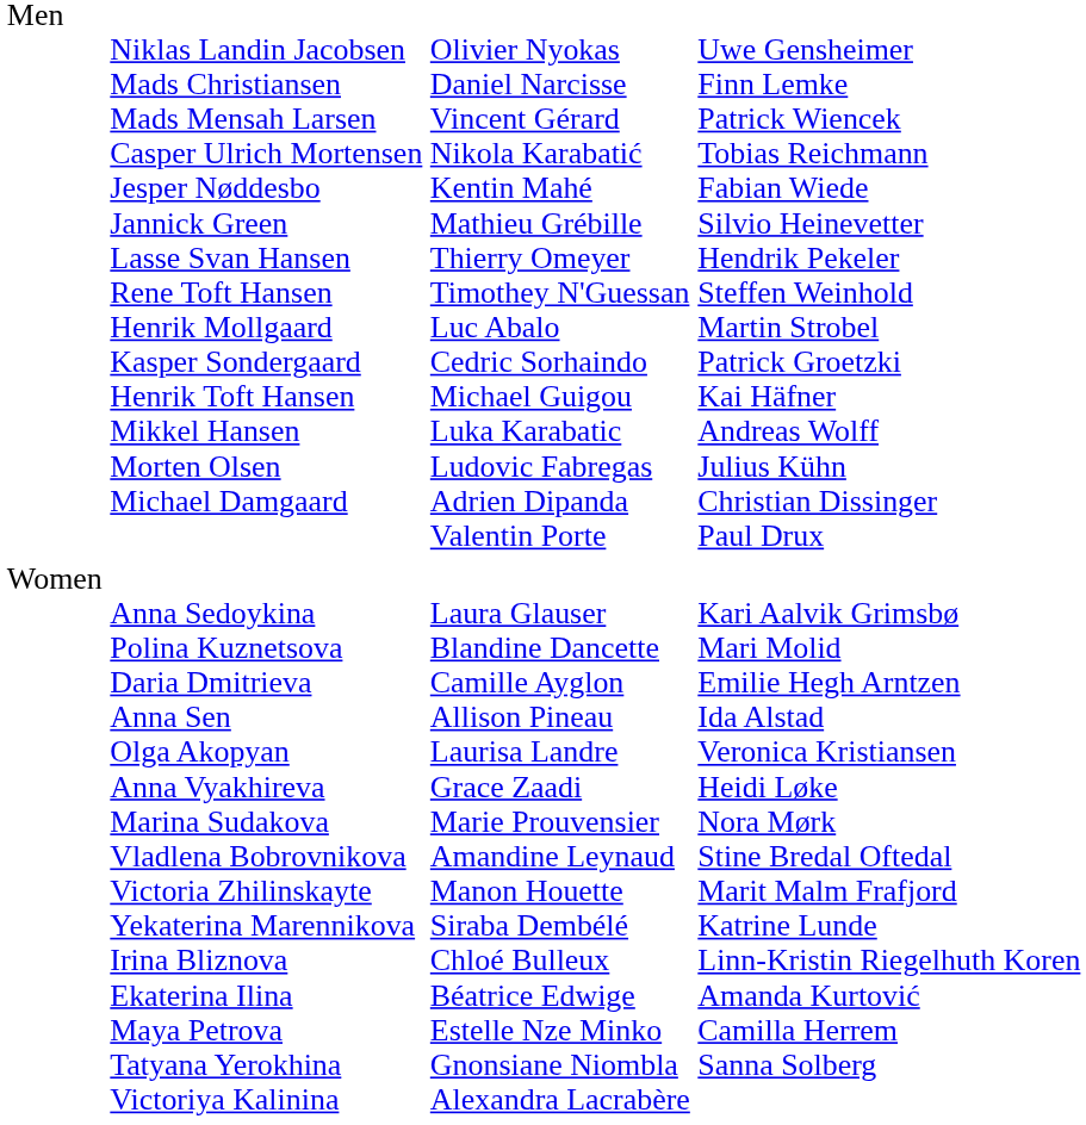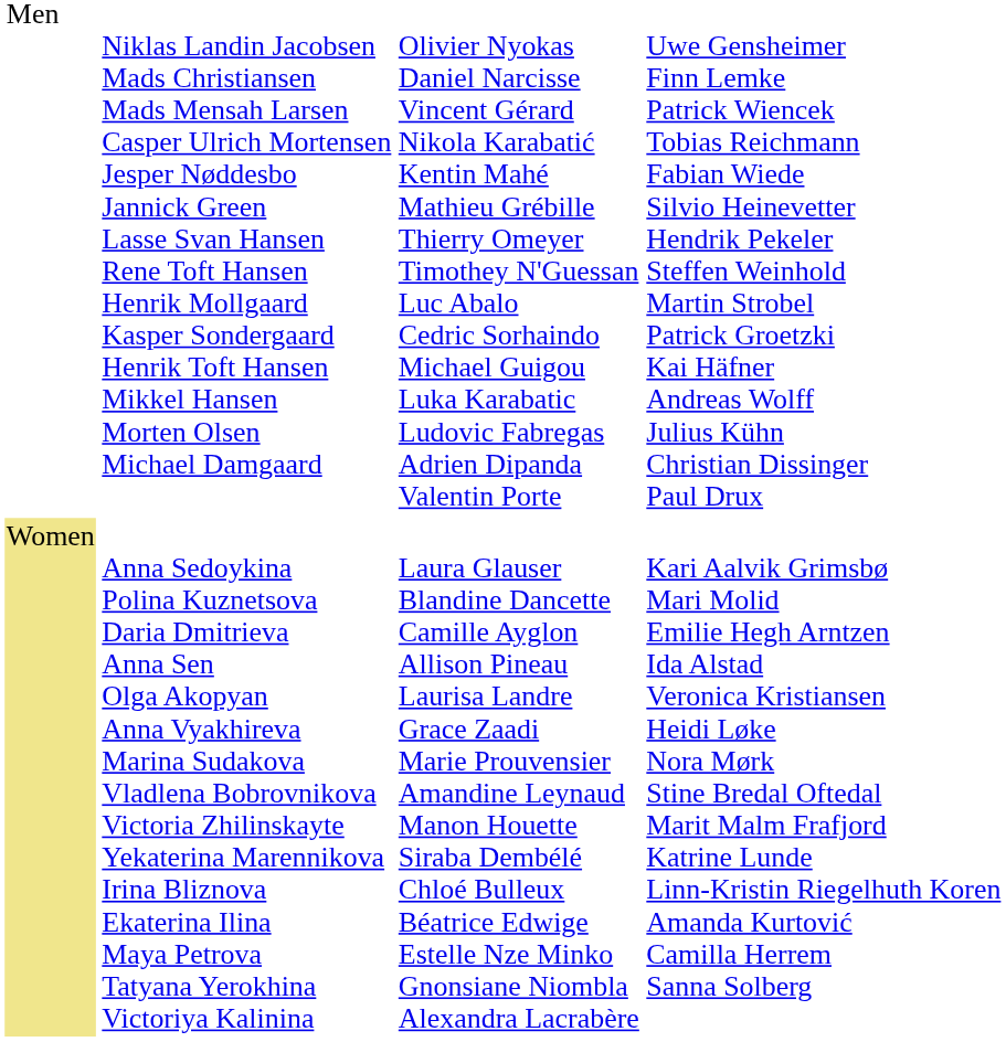 <table>
 <tr valign="top">
 <td>Men<br></td>
 <td><br><a href='#'>Niklas Landin Jacobsen</a><br><a href='#'>Mads Christiansen</a><br><a href='#'>Mads Mensah Larsen</a><br><a href='#'>Casper Ulrich Mortensen</a><br><a href='#'>Jesper Nøddesbo</a><br><a href='#'>Jannick Green</a><br><a href='#'>Lasse Svan Hansen</a><br><a href='#'>Rene Toft Hansen</a><br><a href='#'>Henrik Mollgaard</a><br><a href='#'>Kasper Sondergaard</a><br><a href='#'>Henrik Toft Hansen</a><br><a href='#'>Mikkel Hansen</a><br><a href='#'>Morten Olsen</a><br><a href='#'>Michael Damgaard</a></td>
 <td><br><a href='#'>Olivier Nyokas</a><br><a href='#'>Daniel Narcisse</a><br><a href='#'>Vincent Gérard</a><br><a href='#'>Nikola Karabatić</a><br><a href='#'>Kentin Mahé</a><br><a href='#'>Mathieu Grébille</a><br><a href='#'>Thierry Omeyer</a><br><a href='#'>Timothey N'Guessan</a><br><a href='#'>Luc Abalo</a><br><a href='#'>Cedric Sorhaindo</a><br><a href='#'>Michael Guigou</a><br><a href='#'>Luka Karabatic</a><br><a href='#'>Ludovic Fabregas</a><br><a href='#'>Adrien Dipanda</a><br><a href='#'>Valentin Porte</a></td>
 <td><br><a href='#'>Uwe Gensheimer</a><br><a href='#'>Finn Lemke</a><br><a href='#'>Patrick Wiencek</a><br><a href='#'>Tobias Reichmann</a><br><a href='#'>Fabian Wiede</a><br><a href='#'>Silvio Heinevetter</a><br><a href='#'>Hendrik Pekeler</a><br><a href='#'>Steffen Weinhold</a><br><a href='#'>Martin Strobel</a><br><a href='#'>Patrick Groetzki</a><br><a href='#'>Kai Häfner</a><br><a href='#'>Andreas Wolff</a><br><a href='#'>Julius Kühn</a><br><a href='#'>Christian Dissinger</a><br><a href='#'>Paul Drux</a></td>
 </tr>
 <tr valign="top">
-<td>Women<br></td>
+<td style="background: khaki;">Women<br></td>
 <td><br><a href='#'>Anna Sedoykina</a><br><a href='#'>Polina Kuznetsova</a><br><a href='#'>Daria Dmitrieva</a><br><a href='#'>Anna Sen</a><br><a href='#'>Olga Akopyan</a><br><a href='#'>Anna Vyakhireva</a><br><a href='#'>Marina Sudakova</a><br><a href='#'>Vladlena Bobrovnikova</a><br><a href='#'>Victoria Zhilinskayte</a><br><a href='#'>Yekaterina Marennikova</a><br><a href='#'>Irina Bliznova</a><br><a href='#'>Ekaterina Ilina</a><br><a href='#'>Maya Petrova</a><br><a href='#'>Tatyana Yerokhina</a><br><a href='#'>Victoriya Kalinina</a></td>
 <td><br><a href='#'>Laura Glauser</a><br><a href='#'>Blandine Dancette</a><br><a href='#'>Camille Ayglon</a><br><a href='#'>Allison Pineau</a><br><a href='#'>Laurisa Landre</a><br><a href='#'>Grace Zaadi</a><br><a href='#'>Marie Prouvensier</a><br><a href='#'>Amandine Leynaud</a><br><a href='#'>Manon Houette</a><br><a href='#'>Siraba Dembélé</a><br><a href='#'>Chloé Bulleux</a><br><a href='#'>Béatrice Edwige</a><br><a href='#'>Estelle Nze Minko</a><br><a href='#'>Gnonsiane Niombla</a><br><a href='#'>Alexandra Lacrabère</a></td>
 <td><br><a href='#'>Kari Aalvik Grimsbø</a><br><a href='#'>Mari Molid</a><br><a href='#'>Emilie Hegh Arntzen</a><br><a href='#'>Ida Alstad</a><br><a href='#'>Veronica Kristiansen</a><br><a href='#'>Heidi Løke</a><br><a href='#'>Nora Mørk</a><br><a href='#'>Stine Bredal Oftedal</a><br><a href='#'>Marit Malm Frafjord</a><br><a href='#'>Katrine Lunde</a><br><a href='#'>Linn-Kristin Riegelhuth Koren</a><br><a href='#'>Amanda Kurtović</a><br><a href='#'>Camilla Herrem</a><br><a href='#'>Sanna Solberg</a></td>
 </tr>
 </table>
